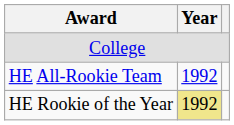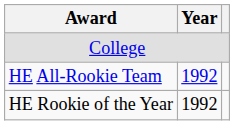 <table class="wikitable">
 <tr>
 <th>Award</th>
 <th>Year</th>
 <th></th>
 </tr>
 <tr ALIGN="center" bgcolor="#e0e0e0">
 <td colspan="3"><a href='#'>College</a></td>
 </tr>
 <tr>
 <td><a href='#'>HE</a> <a href='#'>All-Rookie Team</a></td>
 <td><a href='#'>1992</a></td>
 <td></td>
 </tr>
 <tr>
 <td>HE Rookie of the Year</td>
-<td style="background: khaki;">1992</td>
+<td>1992</td>
 <td></td>
 </tr>
 </table>
